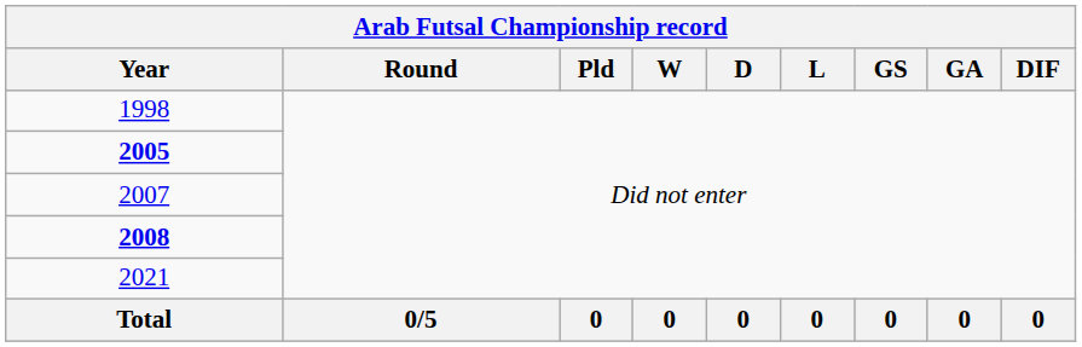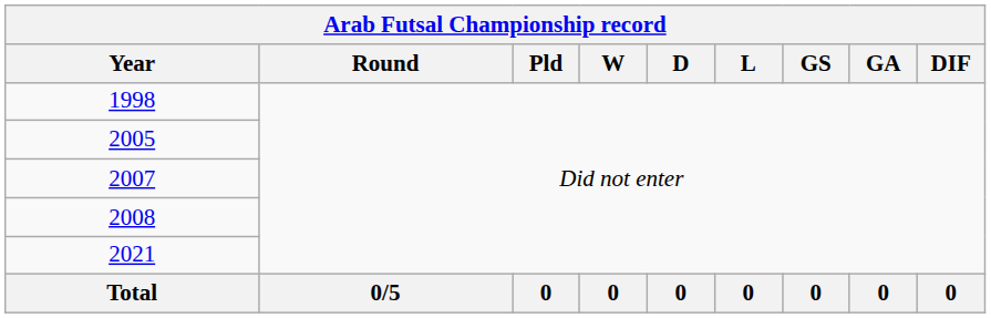 <table class="wikitable" style="text-align: center;font-size:90%;">
 <tr>
 <th colspan=9><a href='#'>Arab Futsal Championship record</a></th>
 </tr>
 <tr>
 <th width=150>Year</th>
 <th width=150>Round</th>
 <th width=35>Pld</th>
 <th width=35>W</th>
 <th width=35>D</th>
 <th width=35>L</th>
 <th width=35>GS</th>
 <th width=35>GA</th>
 <th width=35>DIF</th>
 </tr>
 <tr bgcolor=>
 <td> <a href='#'>1998</a></td>
 <td colspan=9 rowspan=5><em>Did not enter</em></td>
 </tr>
 <tr bgcolor=>
-<td><strong> <a href='#'>2005</a></strong></td>
+<td> <a href='#'>2005</a></td>
 </tr>
 <tr bgcolor=>
 <td> <a href='#'>2007</a></td>
 </tr>
 <tr bgcolor=>
-<td><strong> <a href='#'>2008</a></strong></td>
+<td> <a href='#'>2008</a></td>
 </tr>
 <tr bgcolor=>
 <td> <a href='#'>2021</a></td>
 </tr>
 <tr>
 <th><strong>Total</strong></th>
 <th>0/5</th>
 <th>0</th>
 <th>0</th>
 <th>0</th>
 <th>0</th>
 <th>0</th>
 <th>0</th>
 <th>0</th>
 </tr>
 </table>
